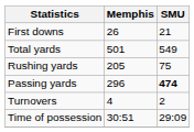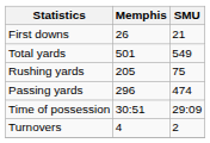 <table class="wikitable" style="float: right;">
 <tr>
 <th>Statistics</th>
 <th>Memphis</th>
 <th>SMU</th>
 </tr>
 <tr>
 <td>First downs</td>
 <td>26</td>
 <td>21</td>
 </tr>
 <tr>
 <td>Total yards</td>
 <td>501</td>
 <td>549</td>
 </tr>
 <tr>
 <td>Rushing yards</td>
 <td>205</td>
 <td>75</td>
 </tr>
 <tr>
 <td>Passing yards</td>
 <td>296</td>
-<td><strong>474</strong></td>
+<td>474</td>
+</tr>
+<tr>
+<td>Time of possession</td>
+<td>30:51</td>
+<td>29:09</td>
 </tr>
 <tr>
 <td>Turnovers</td>
 <td>4</td>
 <td>2</td>
 </tr>
 <tr>
-<td>Time of possession</td>
-<td>30:51</td>
-<td>29:09</td>
-</tr>
-<tr>
 </tr>
 </table>
